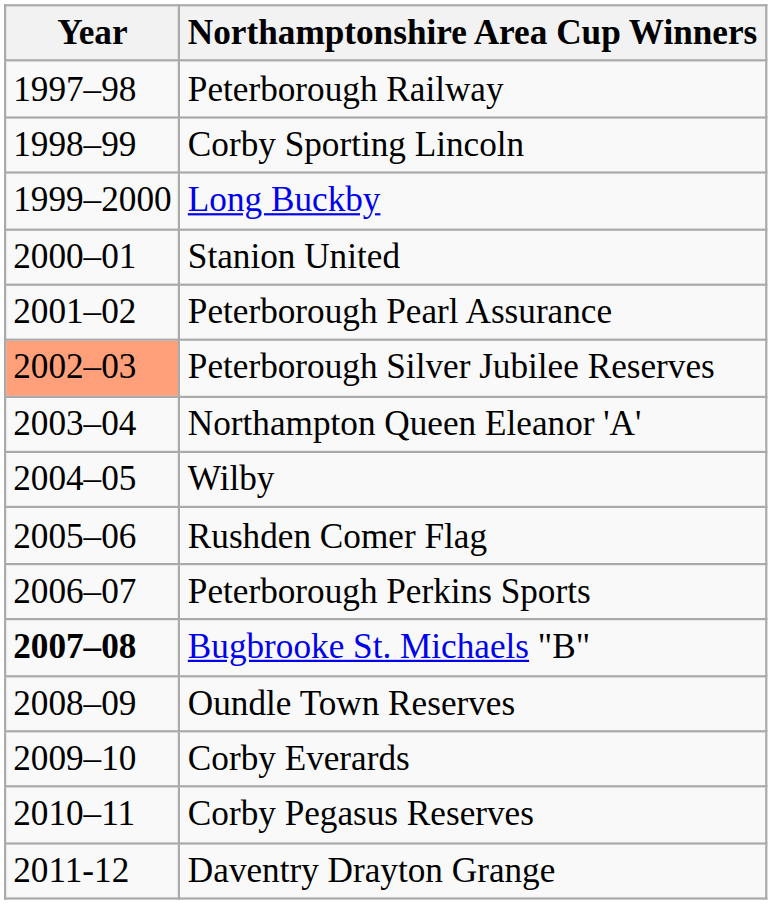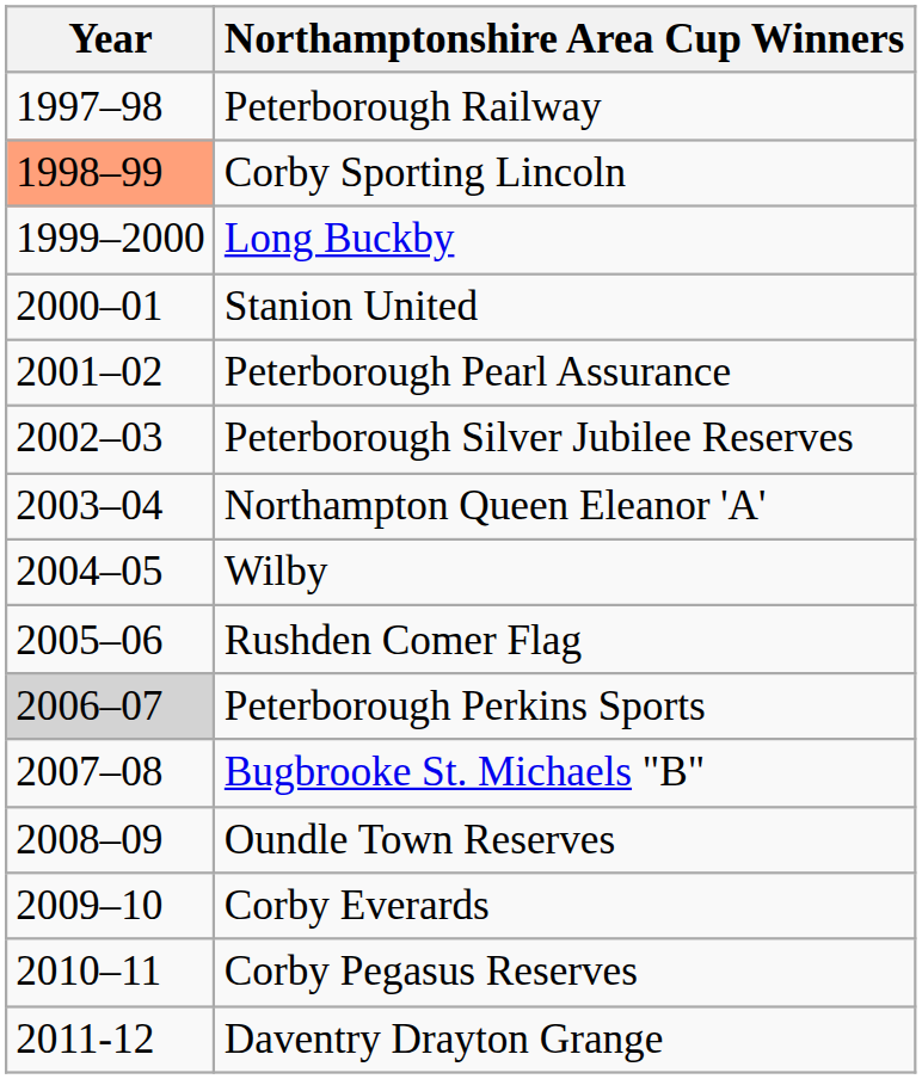 <table class="wikitable" style="float:left; margin-right:1em">
 <tr>
 <th>Year</th>
 <th>Northamptonshire Area Cup Winners</th>
 </tr>
 <tr>
 <td>1997–98</td>
 <td>Peterborough Railway</td>
 </tr>
 <tr>
-<td>1998–99</td>
+<td style="background: lightsalmon;">1998–99</td>
 <td>Corby Sporting Lincoln</td>
 </tr>
 <tr>
 <td>1999–2000</td>
 <td><a href='#'>Long Buckby</a></td>
 </tr>
 <tr>
 <td>2000–01</td>
 <td>Stanion United</td>
 </tr>
 <tr>
 <td>2001–02</td>
 <td>Peterborough Pearl Assurance</td>
 </tr>
 <tr>
-<td style="background: lightsalmon;">2002–03</td>
+<td>2002–03</td>
 <td>Peterborough Silver Jubilee Reserves</td>
 </tr>
 <tr>
 <td>2003–04</td>
 <td>Northampton Queen Eleanor 'A'</td>
 </tr>
 <tr>
 <td>2004–05</td>
 <td>Wilby</td>
 </tr>
 <tr>
 <td>2005–06</td>
 <td>Rushden Comer Flag</td>
 </tr>
 <tr>
-<td>2006–07</td>
+<td style="background: lightgrey;">2006–07</td>
 <td>Peterborough Perkins Sports</td>
 </tr>
 <tr>
-<td><strong>2007–08</strong></td>
+<td>2007–08</td>
 <td><a href='#'>Bugbrooke St. Michaels</a> "B"</td>
 </tr>
 <tr>
 <td>2008–09</td>
 <td>Oundle Town Reserves</td>
 </tr>
 <tr>
 <td>2009–10</td>
 <td>Corby Everards</td>
 </tr>
 <tr>
 <td>2010–11</td>
 <td>Corby Pegasus Reserves</td>
 </tr>
 <tr>
 <td>2011-12</td>
 <td>Daventry Drayton Grange</td>
 </tr>
 </table>
